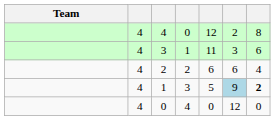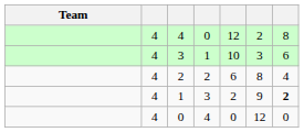 <table class="wikitable" style="text-align: center; font-size:95% ">
 <tr>
 <th width=160>Team</th>
 <th width=25></th>
 <th width=25></th>
 <th width=25></th>
 <th width=25></th>
 <th width=25></th>
 <th width=25></th>
 </tr>
 <tr bgcolor="ccffcc">
 <td align=left></td>
 <td>4</td>
 <td>4</td>
 <td>0</td>
 <td>12</td>
 <td>2</td>
 <td>8</td>
 </tr>
 <tr bgcolor="ccffcc">
 <td align=left></td>
 <td>4</td>
 <td>3</td>
 <td>1</td>
-<td>11</td>
+<td>10</td>
 <td>3</td>
 <td>6</td>
 </tr>
 <tr>
 <td align=left></td>
 <td>4</td>
 <td>2</td>
 <td>2</td>
 <td>6</td>
-<td>6</td>
+<td>8</td>
 <td>4</td>
 </tr>
 <tr>
 <td align=left></td>
 <td>4</td>
 <td>1</td>
 <td>3</td>
-<td>5</td>
-<td style="background: lightblue;">9</td>
+<td>2</td>
+<td>9</td>
 <td><strong>2</strong></td>
 </tr>
 <tr>
 <td align=left></td>
 <td>4</td>
 <td>0</td>
 <td>4</td>
 <td>0</td>
 <td>12</td>
 <td>0</td>
 </tr>
 </table>
